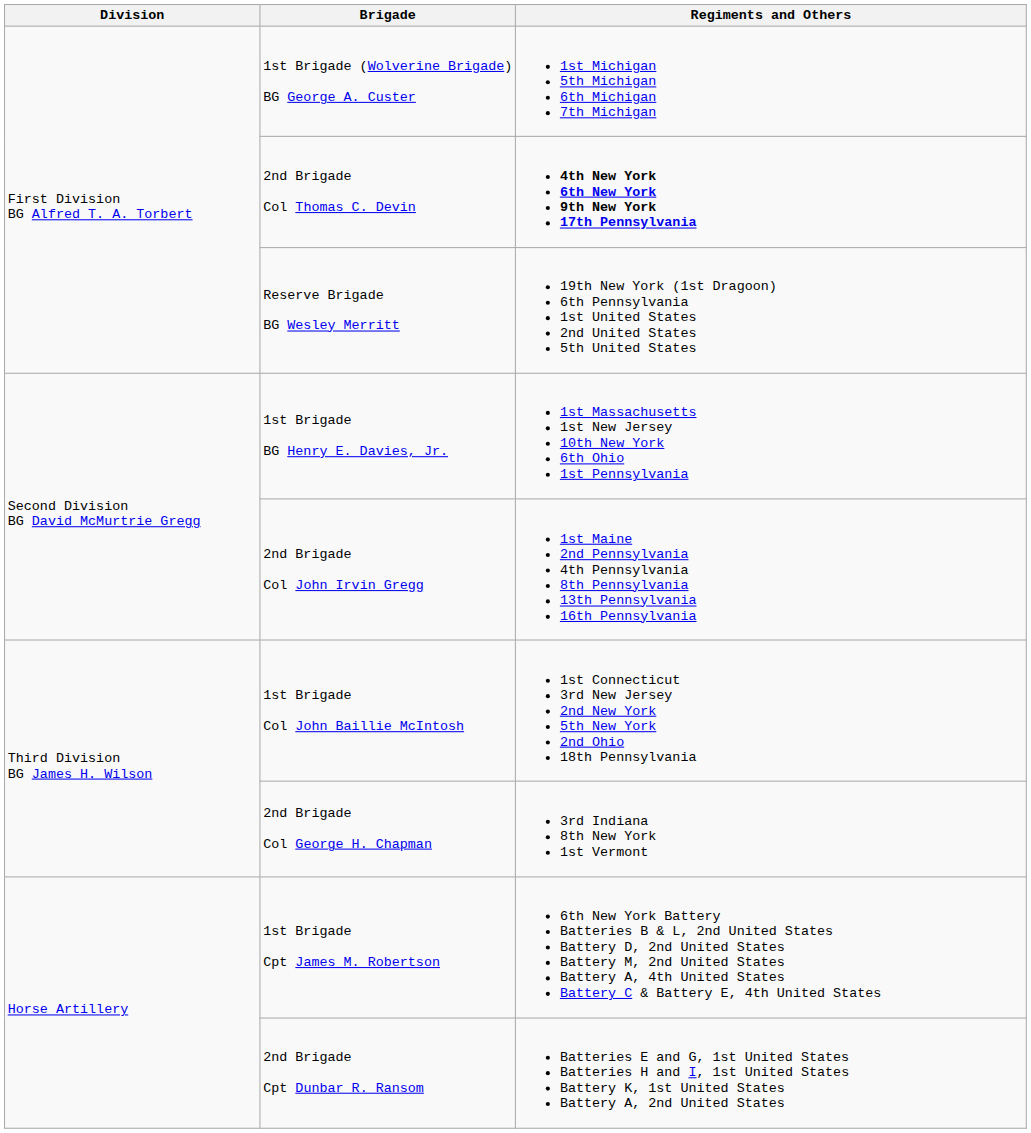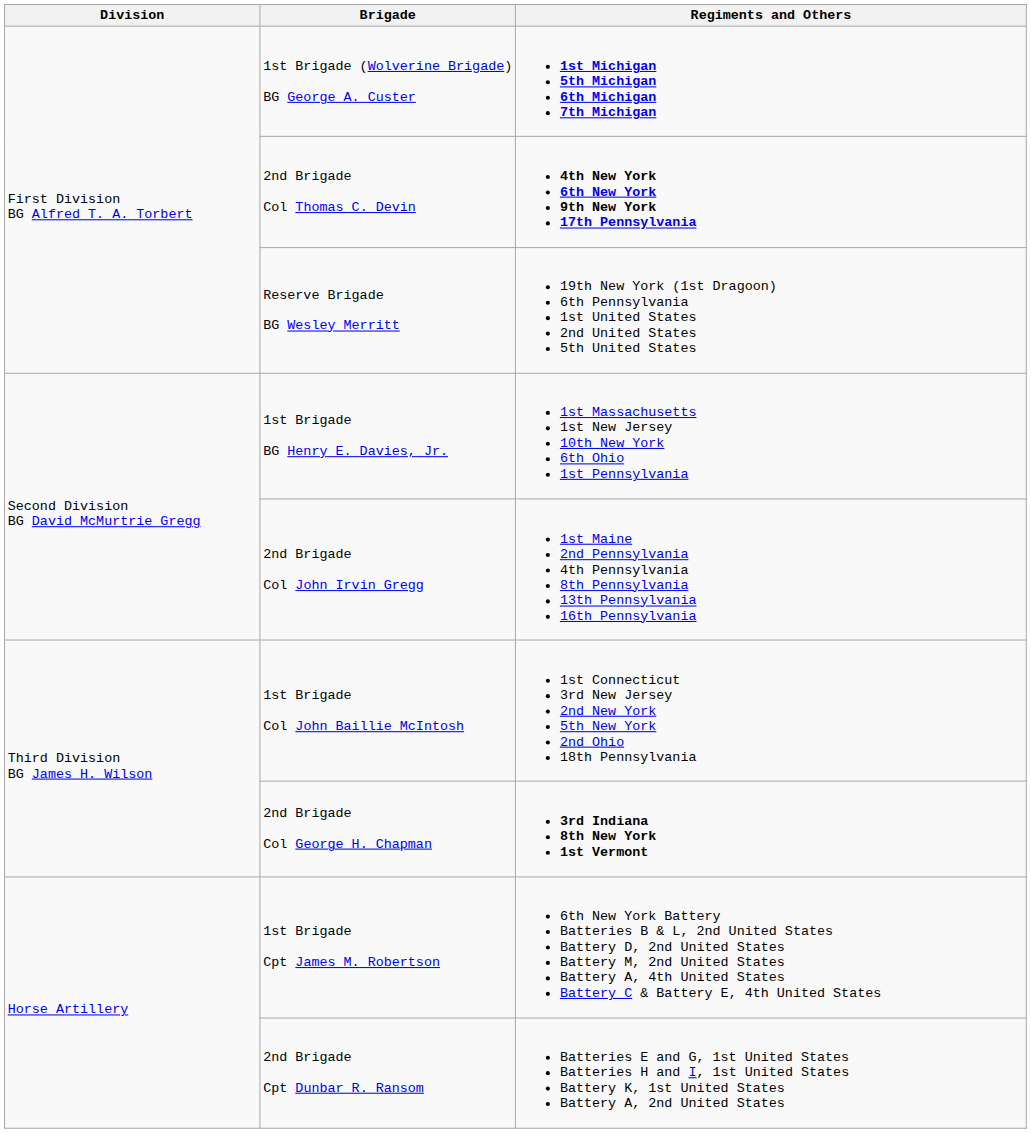 <table class="wikitable">
 <tr>
 <th width=25%>Division</th>
 <th width=25%>Brigade</th>
 <th>Regiments and Others</th>
 </tr>
 <tr>
 <td rowspan=3><br>First Division <br> BG <a href='#'>Alfred T. A. Torbert</a></td>
 <td>1st Brigade (<a href='#'>Wolverine Brigade</a>)<br><br> BG <a href='#'>George A. Custer</a></td>
-<td><br><ul><li><a href='#'>1st Michigan</a></li><li><a href='#'>5th Michigan</a></li><li><a href='#'>6th Michigan</a></li><li><a href='#'>7th Michigan</a></li></ul></td>
+<td><strong><br><ul><li><a href='#'>1st Michigan</a></li><li><a href='#'>5th Michigan</a></li><li><a href='#'>6th Michigan</a></li><li><a href='#'>7th Michigan</a></li></ul></strong></td>
 </tr>
 <tr>
 <td>2nd Brigade<br><br> Col <a href='#'>Thomas C. Devin</a></td>
 <td><strong><br><ul><li>4th New York</li><li><a href='#'>6th New York</a></li><li>9th New York</li><li><a href='#'>17th Pennsylvania</a></li></ul></strong></td>
 </tr>
 <tr>
 <td>Reserve Brigade<br><br> BG <a href='#'>Wesley Merritt</a></td>
 <td><br><ul><li>19th New York (1st Dragoon)</li><li>6th Pennsylvania</li><li>1st United States</li><li>2nd United States</li><li>5th United States</li></ul></td>
 </tr>
 <tr>
 <td rowspan=2><br>Second Division <br> BG <a href='#'>David McMurtrie Gregg</a></td>
 <td>1st Brigade<br><br> BG <a href='#'>Henry E. Davies, Jr.</a></td>
 <td><br><ul><li><a href='#'>1st Massachusetts</a></li><li>1st New Jersey</li><li><a href='#'>10th New York</a></li><li><a href='#'>6th Ohio</a></li><li><a href='#'>1st Pennsylvania</a></li></ul></td>
 </tr>
 <tr>
 <td>2nd Brigade<br><br> Col <a href='#'>John Irvin Gregg</a></td>
 <td><br><ul><li><a href='#'>1st Maine</a></li><li><a href='#'>2nd Pennsylvania</a></li><li>4th Pennsylvania</li><li><a href='#'>8th Pennsylvania</a></li><li><a href='#'>13th Pennsylvania</a></li><li><a href='#'>16th Pennsylvania</a></li></ul></td>
 </tr>
 <tr>
 <td rowspan=2><br>Third Division <br> BG <a href='#'>James H. Wilson</a></td>
 <td>1st Brigade<br><br> Col <a href='#'>John Baillie McIntosh</a></td>
 <td><br><ul><li>1st Connecticut</li><li>3rd New Jersey</li><li><a href='#'>2nd New York</a></li><li><a href='#'>5th New York</a></li><li><a href='#'>2nd Ohio</a></li><li>18th Pennsylvania</li></ul></td>
 </tr>
 <tr>
 <td>2nd Brigade<br><br> Col <a href='#'>George H. Chapman</a></td>
-<td><br><ul><li>3rd Indiana</li><li>8th New York</li><li>1st Vermont</li></ul></td>
+<td><strong><br><ul><li>3rd Indiana</li><li>8th New York</li><li>1st Vermont</li></ul></strong></td>
 </tr>
 <tr>
 <td rowspan=2><br><a href='#'>Horse Artillery</a></td>
 <td>1st Brigade<br><br> Cpt <a href='#'>James M. Robertson</a></td>
 <td><br><ul><li>6th New York Battery</li><li>Batteries B & L, 2nd United States</li><li>Battery D, 2nd United States</li><li>Battery M, 2nd United States</li><li>Battery A, 4th United States</li><li><a href='#'>Battery C</a> & Battery E, 4th United States</li></ul></td>
 </tr>
 <tr>
 <td>2nd Brigade<br><br> Cpt <a href='#'>Dunbar R. Ransom</a></td>
 <td><br><ul><li>Batteries E and G, 1st United States</li><li>Batteries H and <a href='#'>I</a>, 1st United States</li><li>Battery K, 1st United States</li><li>Battery A, 2nd United States</li></ul></td>
 </tr>
 </table>
